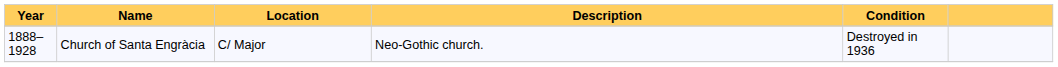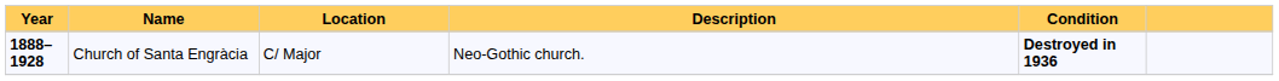 <table bgcolor="#f7f8ff" cellpadding="4" cellspacing="0" border="1" style="font-size: 95%; border: #cccccc solid 1px; border-collapse: collapse;">
 <tr>
 <th width="5%" style="background:#ffce5d;">Year</th>
 <th width="15%" style="background:#ffce5d;">Name</th>
 <th width="15%" style="background:#ffce5d;">Location</th>
 <th width="45%" style="background:#ffce5d;">Description</th>
 <th width="10%" style="background:#ffce5d;">Condition</th>
 <th width="10%" style="background:#ffce5d;"></th>
 </tr>
 <tr ---->
 </tr>
 <tr>
-<td>1888–1928</td>
+<td><strong>1888–1928</strong></td>
 <td>Church of Santa Engràcia</td>
 <td>C/ Major</td>
 <td>Neo-Gothic church.</td>
-<td>Destroyed in 1936</td>
+<td><strong>Destroyed in 1936</strong></td>
 <td></td>
 </tr>
 <tr>
 </tr>
 </table>
